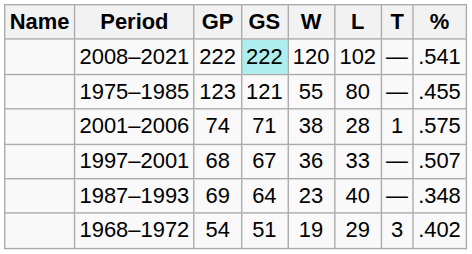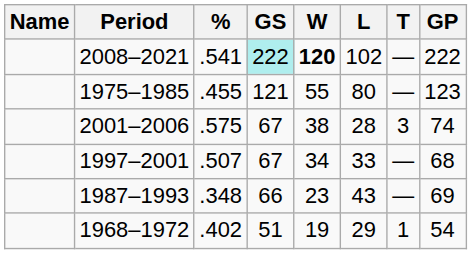 <table class="wikitable sortable" style="text-align:center">
 <tr>
 <th scope="col">Name</th>
 <th scope="col">Period</th>
-<th scope="col">GP</th>
+<th scope="col">%</th>
 <th scope="col">GS</th>
 <th scope="col">W</th>
 <th scope="col">L</th>
 <th scope="col">T</th>
-<th scope="col">%</th>
+<th scope="col">GP</th>
 </tr>
 <tr>
 <td></td>
 <td>2008–2021</td>
-<td>222</td>
+<td>.541</td>
 <td style="background: paleturquoise;">222</td>
-<td>120</td>
+<td><strong>120</strong></td>
 <td>102</td>
 <td>—</td>
-<td>.541</td>
+<td>222</td>
 </tr>
 <tr>
 <td></td>
 <td>1975–1985</td>
-<td>123</td>
+<td>.455</td>
 <td>121</td>
 <td>55</td>
 <td>80</td>
 <td>—</td>
-<td>.455</td>
+<td>123</td>
 </tr>
 <tr>
 <td></td>
 <td>2001–2006</td>
-<td>74</td>
-<td>71</td>
+<td>.575</td>
+<td>67</td>
 <td>38</td>
 <td>28</td>
-<td>1</td>
-<td>.575</td>
+<td>3</td>
+<td>74</td>
 </tr>
 <tr>
 <td></td>
 <td>1997–2001</td>
-<td>68</td>
+<td>.507</td>
 <td>67</td>
-<td>36</td>
+<td>34</td>
 <td>33</td>
 <td>—</td>
-<td>.507</td>
+<td>68</td>
 </tr>
 <tr>
 <td></td>
 <td>1987–1993</td>
+<td>.348</td>
+<td>66</td>
+<td>23</td>
+<td>43</td>
+<td>—</td>
 <td>69</td>
-<td>64</td>
-<td>23</td>
-<td>40</td>
-<td>—</td>
-<td>.348</td>
 </tr>
 <tr>
 <td></td>
 <td>1968–1972</td>
-<td>54</td>
+<td>.402</td>
 <td>51</td>
 <td>19</td>
 <td>29</td>
-<td>3</td>
-<td>.402</td>
+<td>1</td>
+<td>54</td>
 </tr>
 </table>
